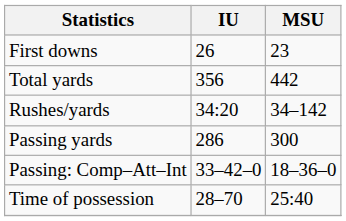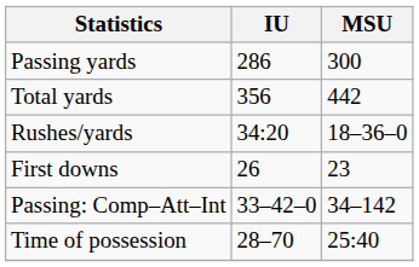 <table class="wikitable" style="float: left;">
 <tr>
 <th>Statistics</th>
 <th>IU</th>
 <th>MSU</th>
 </tr>
 <tr>
-<td>First downs</td>
-<td>26</td>
-<td>23</td>
+<td>Passing yards</td>
+<td>286</td>
+<td>300</td>
 </tr>
 <tr>
 <td>Total yards</td>
 <td>356</td>
 <td>442</td>
 </tr>
 <tr>
 <td>Rushes/yards</td>
 <td>34:20</td>
-<td>34–142</td>
+<td>18–36–0</td>
 </tr>
 <tr>
-<td>Passing yards</td>
-<td>286</td>
-<td>300</td>
+<td>First downs</td>
+<td>26</td>
+<td>23</td>
 </tr>
 <tr>
 <td>Passing: Comp–Att–Int</td>
 <td>33–42–0</td>
-<td>18–36–0</td>
+<td>34–142</td>
 </tr>
 <tr>
 <td>Time of possession</td>
 <td>28–70</td>
 <td>25:40</td>
 </tr>
 <tr>
 </tr>
 </table>
